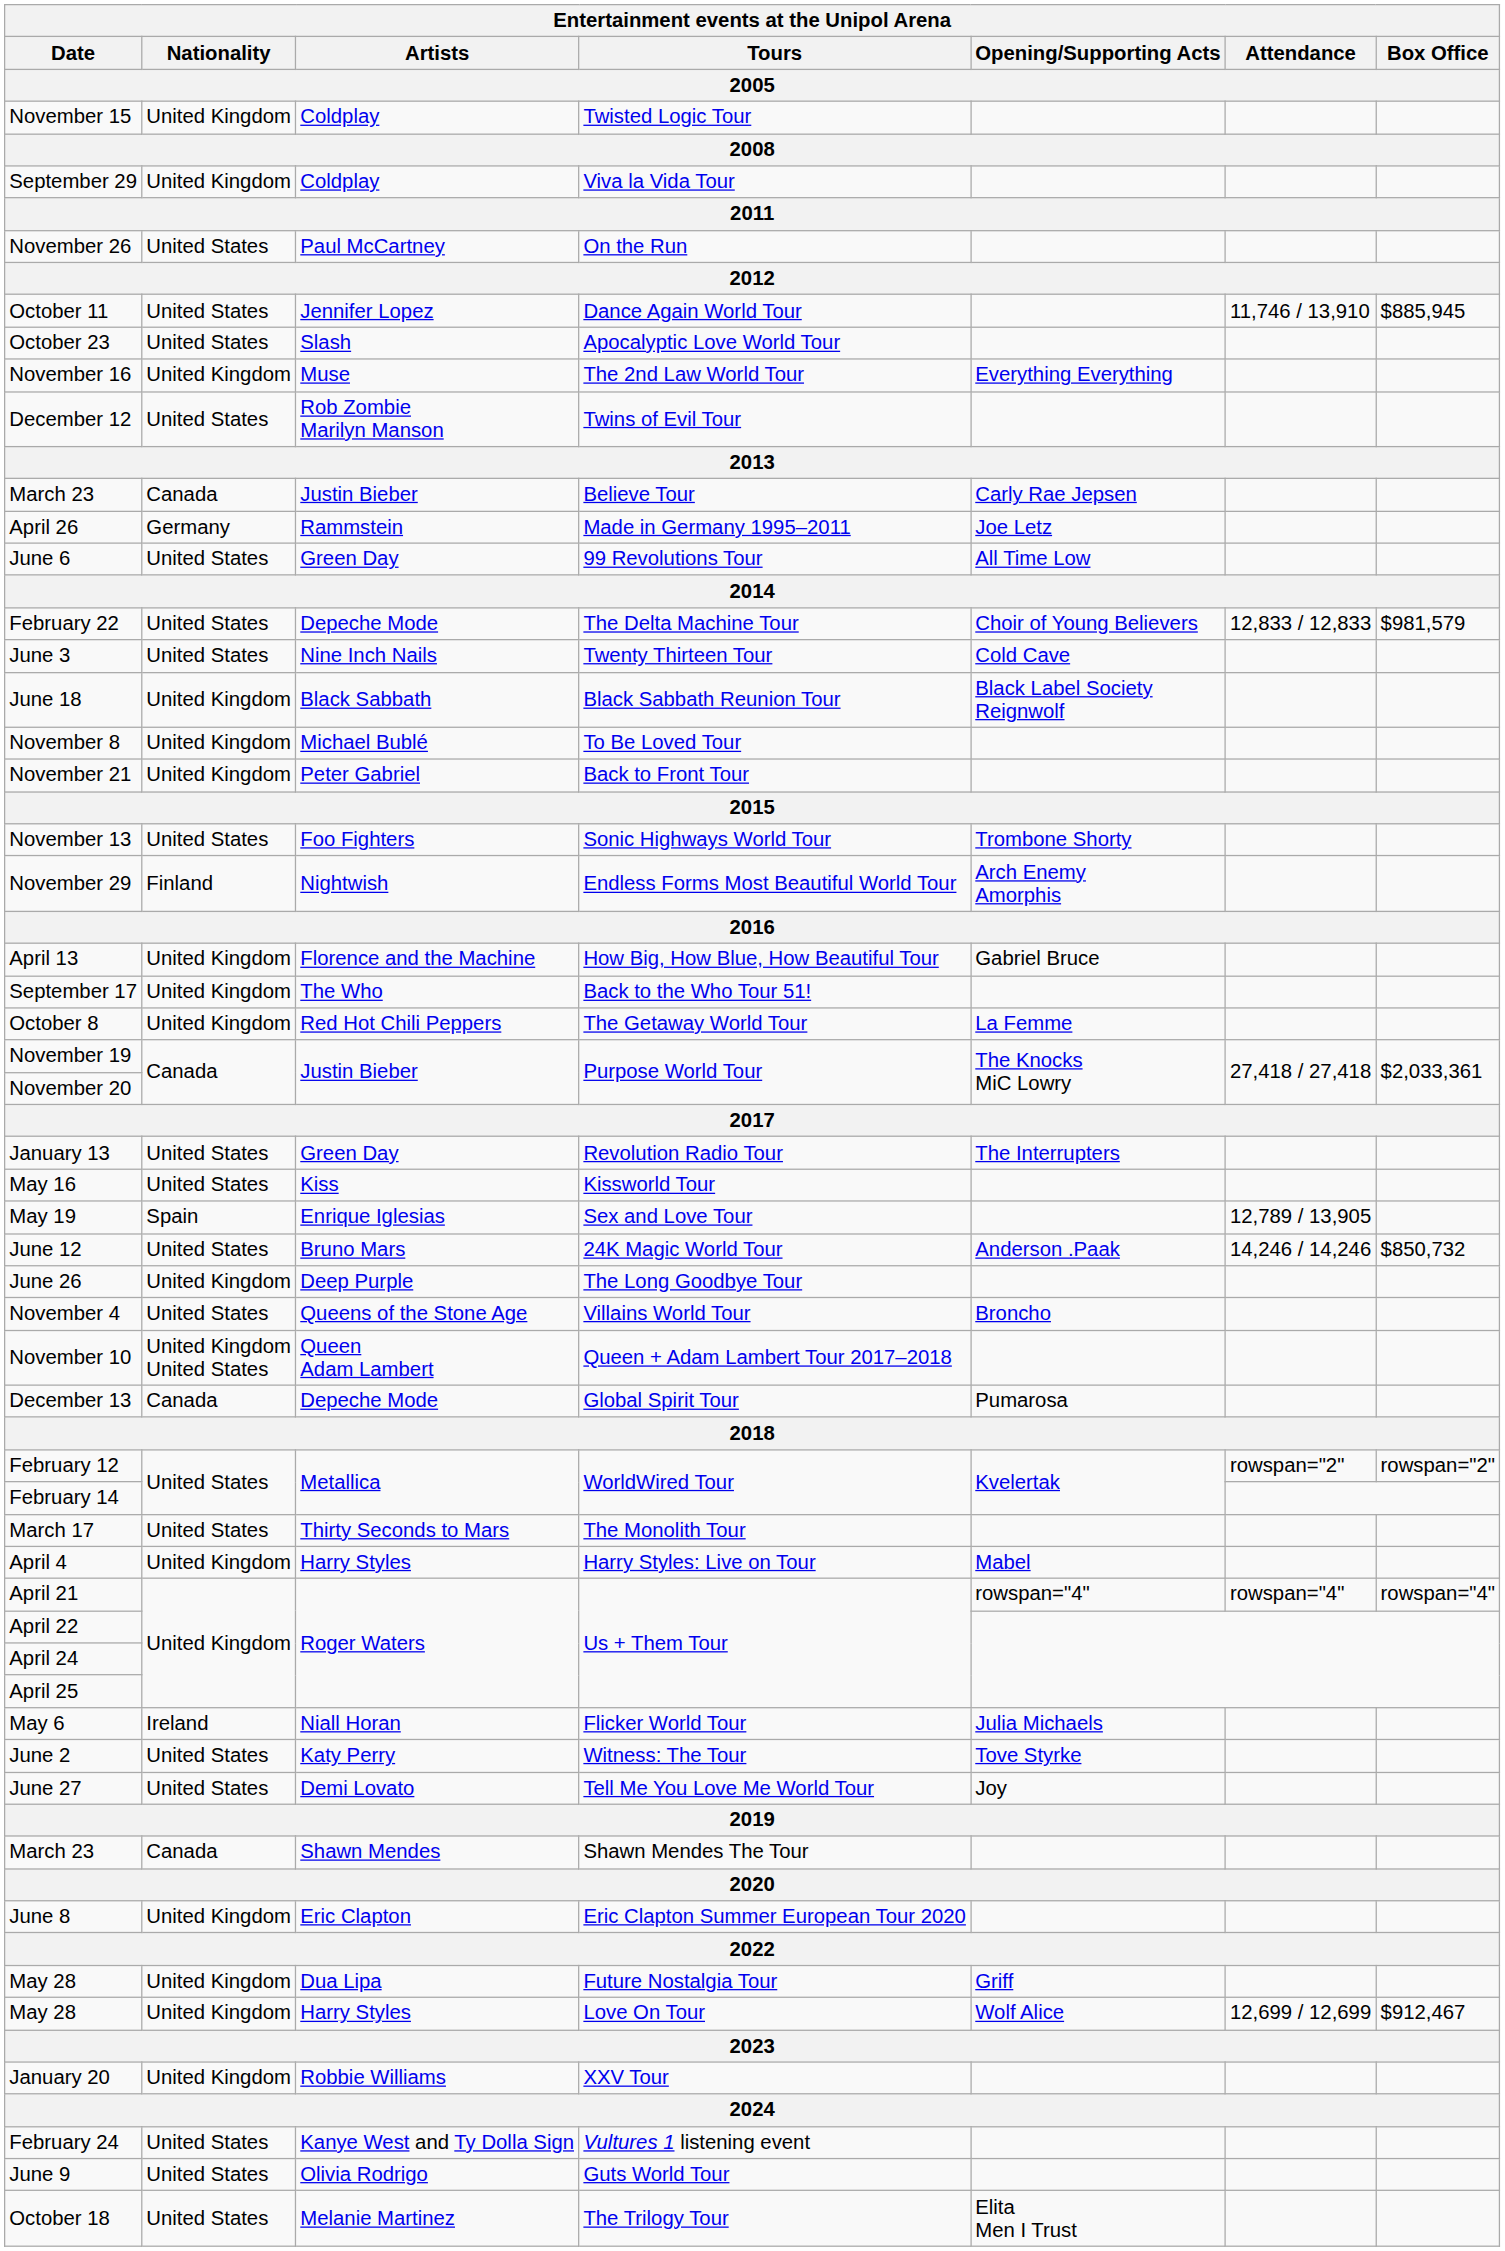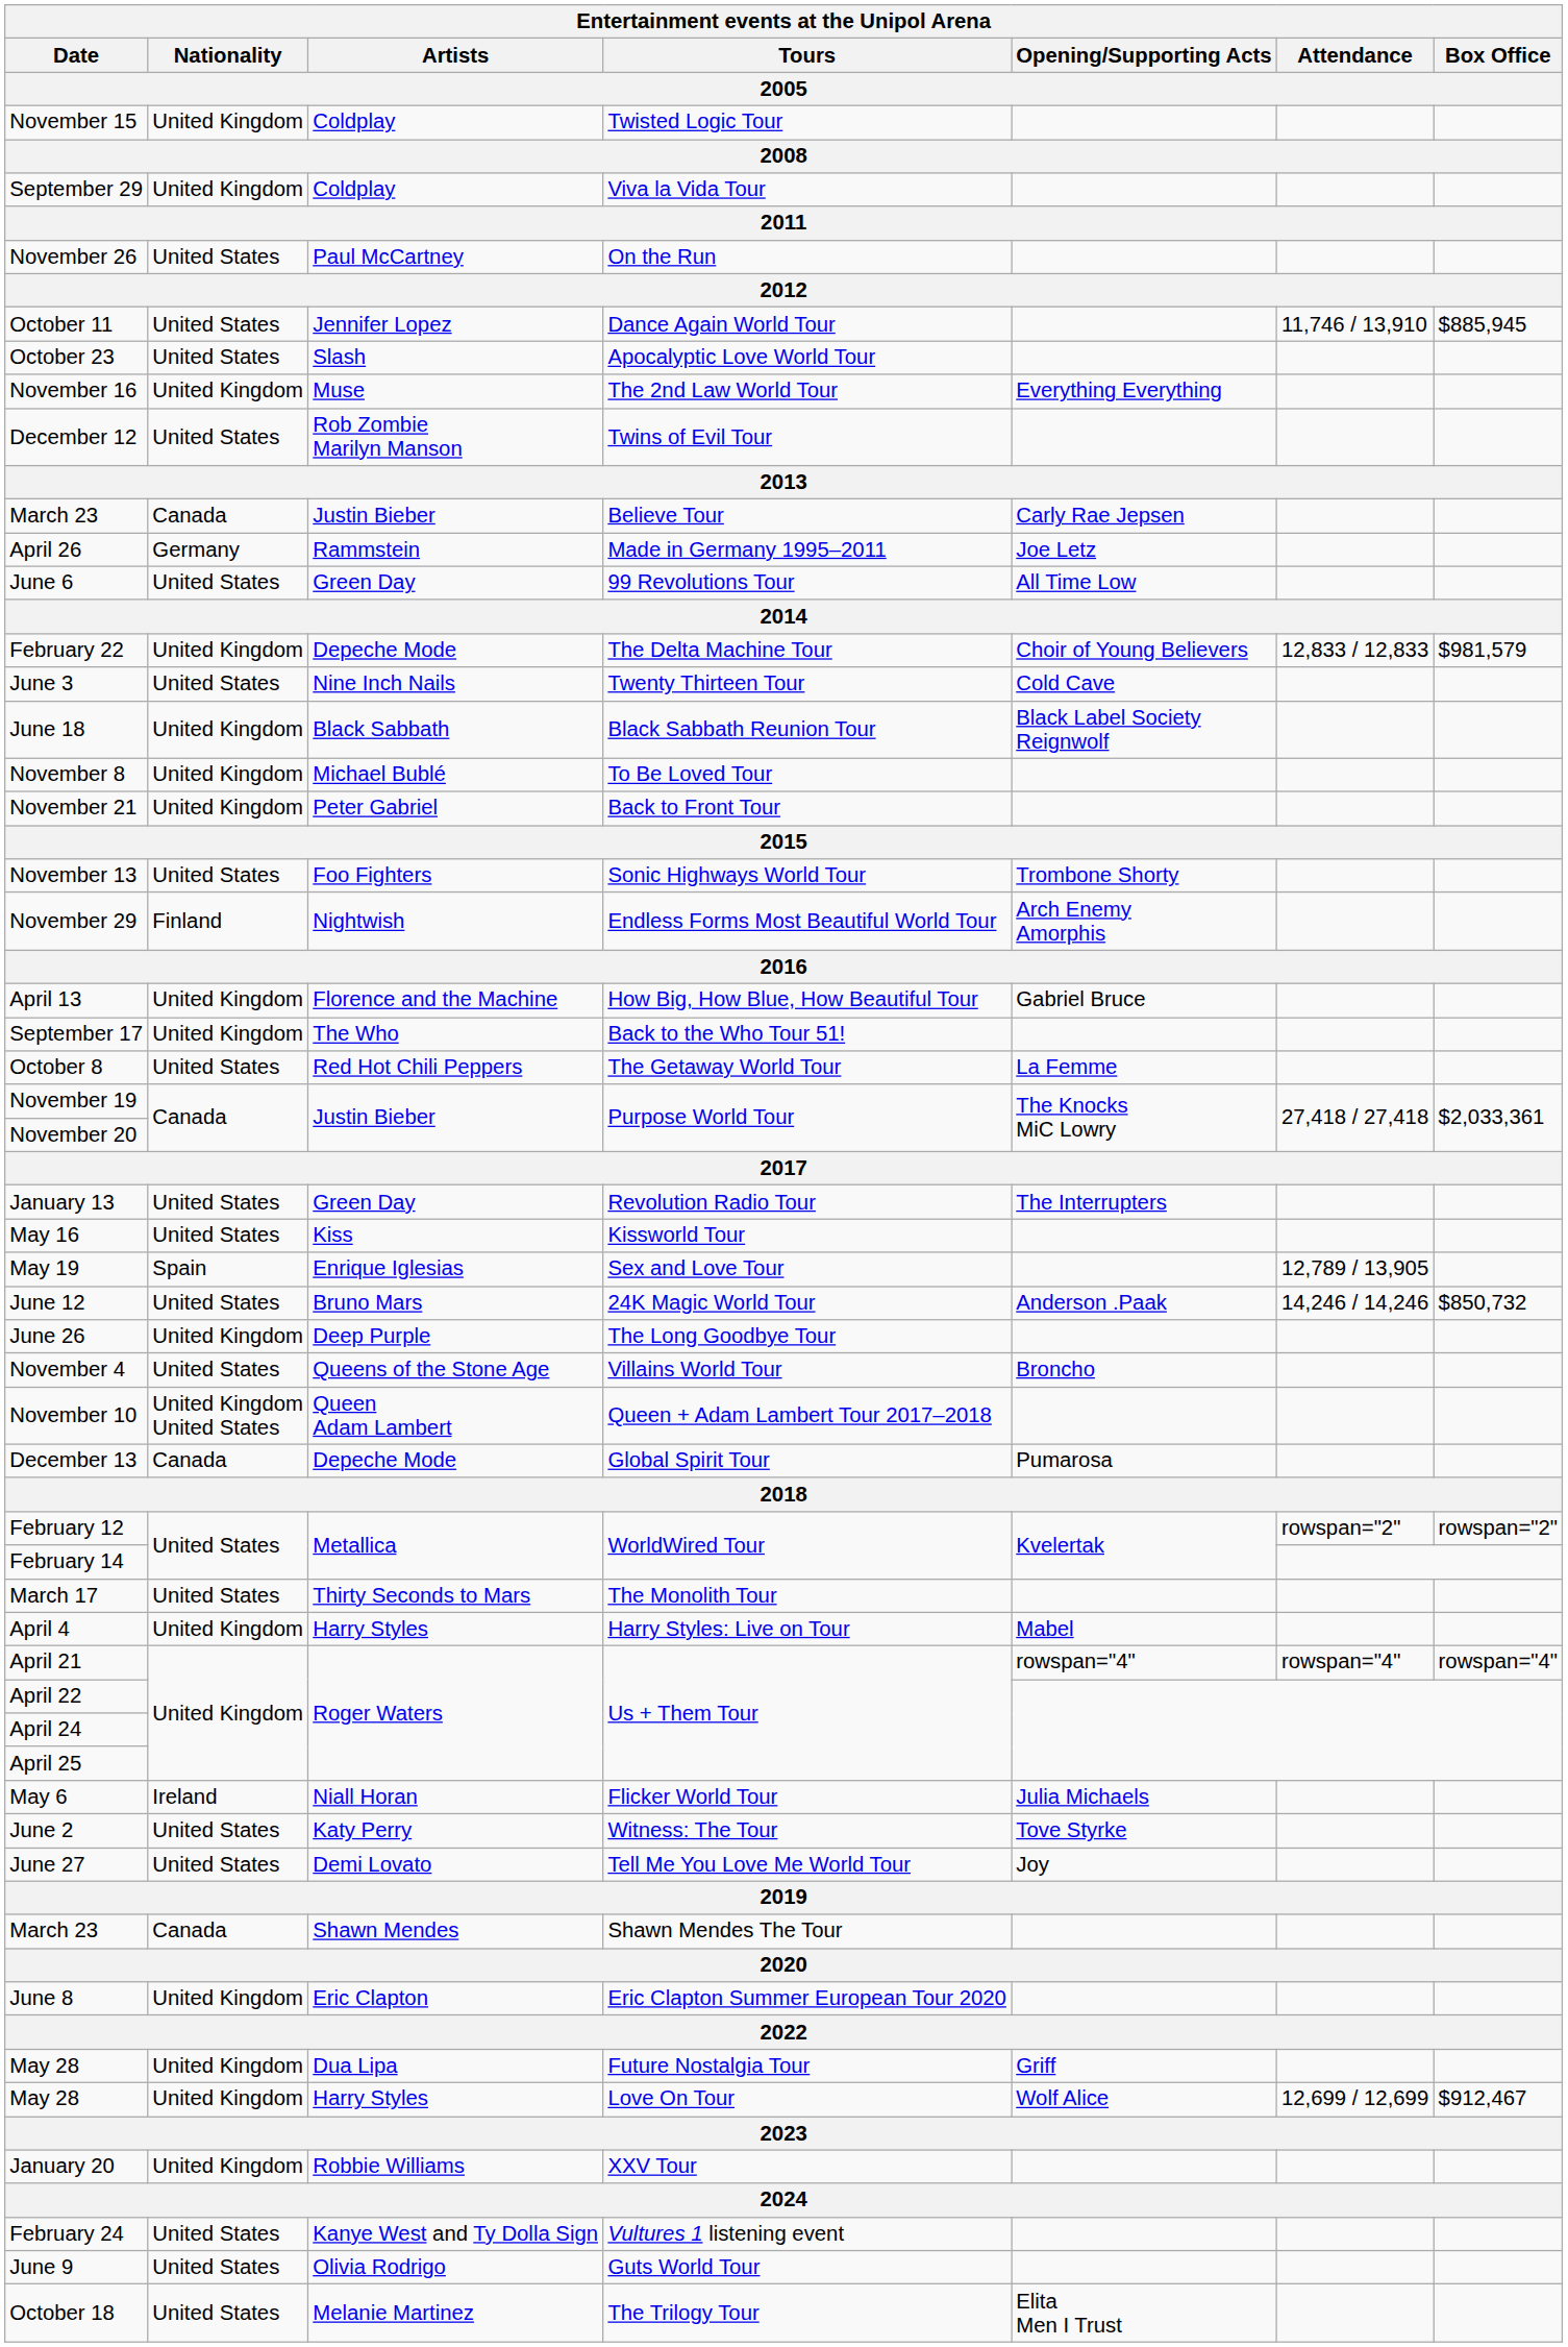 <table class="wikitable collapsible collapsed">
 <tr>
 <th colspan="7">Entertainment events at the Unipol Arena</th>
 </tr>
 <tr>
 <th>Date</th>
 <th>Nationality</th>
 <th>Artists</th>
 <th>Tours</th>
 <th>Opening/Supporting Acts</th>
 <th>Attendance</th>
 <th>Box Office</th>
 </tr>
 <tr>
 <th colspan="7">2005</th>
 </tr>
 <tr>
 <td>November 15</td>
 <td>United Kingdom</td>
 <td><a href='#'>Coldplay</a></td>
 <td><a href='#'>Twisted Logic Tour</a></td>
 <td></td>
 <td></td>
 <td></td>
 </tr>
 <tr>
 <th colspan="7">2008</th>
 </tr>
 <tr>
 <td>September 29</td>
 <td>United Kingdom</td>
 <td><a href='#'>Coldplay</a></td>
 <td><a href='#'>Viva la Vida Tour</a></td>
 <td></td>
 <td></td>
 <td></td>
 </tr>
 <tr>
 <th colspan="7">2011</th>
 </tr>
 <tr>
 <td>November 26</td>
 <td>United States</td>
 <td><a href='#'>Paul McCartney</a></td>
 <td><a href='#'>On the Run</a></td>
 <td></td>
 <td></td>
 <td></td>
 </tr>
 <tr>
 <th colspan="7">2012</th>
 </tr>
 <tr>
 <td>October 11</td>
 <td>United States</td>
 <td><a href='#'>Jennifer Lopez</a></td>
 <td><a href='#'>Dance Again World Tour</a></td>
 <td></td>
 <td>11,746 / 13,910</td>
 <td>$885,945</td>
 </tr>
 <tr>
 <td>October 23</td>
 <td>United States</td>
 <td><a href='#'>Slash</a></td>
 <td><a href='#'>Apocalyptic Love World Tour</a></td>
 <td></td>
 <td></td>
 <td></td>
 </tr>
 <tr>
 <td>November 16</td>
 <td>United Kingdom</td>
 <td><a href='#'>Muse</a></td>
 <td><a href='#'>The 2nd Law World Tour</a></td>
 <td><a href='#'>Everything Everything</a></td>
 <td></td>
 <td></td>
 </tr>
 <tr>
 <td>December 12</td>
 <td>United States</td>
 <td><a href='#'>Rob Zombie</a><br><a href='#'>Marilyn Manson</a></td>
 <td><a href='#'>Twins of Evil Tour</a></td>
 <td></td>
 <td></td>
 <td></td>
 </tr>
 <tr>
 <th colspan="7">2013</th>
 </tr>
 <tr>
 <td>March 23</td>
 <td>Canada</td>
 <td><a href='#'>Justin Bieber</a></td>
 <td><a href='#'>Believe Tour</a></td>
 <td><a href='#'>Carly Rae Jepsen</a></td>
 <td></td>
 <td></td>
 </tr>
 <tr>
 <td>April 26</td>
 <td>Germany</td>
 <td><a href='#'>Rammstein</a></td>
 <td><a href='#'>Made in Germany 1995–2011</a></td>
 <td><a href='#'>Joe Letz</a></td>
 <td></td>
 <td></td>
 </tr>
 <tr>
 <td>June 6</td>
 <td>United States</td>
 <td><a href='#'>Green Day</a></td>
 <td><a href='#'>99 Revolutions Tour</a></td>
 <td><a href='#'>All Time Low</a></td>
 <td></td>
 <td></td>
 </tr>
 <tr>
 <th colspan="7">2014</th>
 </tr>
 <tr>
 <td>February 22</td>
-<td>United States</td>
+<td>United Kingdom</td>
 <td><a href='#'>Depeche Mode</a></td>
 <td><a href='#'>The Delta Machine Tour</a></td>
 <td><a href='#'>Choir of Young Believers</a></td>
 <td>12,833 / 12,833</td>
 <td>$981,579</td>
 </tr>
 <tr>
 <td>June 3</td>
 <td>United States</td>
 <td><a href='#'>Nine Inch Nails</a></td>
 <td><a href='#'>Twenty Thirteen Tour</a></td>
 <td><a href='#'>Cold Cave</a></td>
 <td></td>
 <td></td>
 </tr>
 <tr>
 <td>June 18</td>
 <td>United Kingdom</td>
 <td><a href='#'>Black Sabbath</a></td>
 <td><a href='#'>Black Sabbath Reunion Tour</a></td>
 <td><a href='#'>Black Label Society</a><br><a href='#'>Reignwolf</a></td>
 <td></td>
 <td></td>
 </tr>
 <tr>
 <td>November 8</td>
 <td>United Kingdom</td>
 <td><a href='#'>Michael Bublé</a></td>
 <td><a href='#'>To Be Loved Tour</a></td>
 <td></td>
 <td></td>
 <td></td>
 </tr>
 <tr>
 <td>November 21</td>
 <td>United Kingdom</td>
 <td><a href='#'>Peter Gabriel</a></td>
 <td><a href='#'>Back to Front Tour</a></td>
 <td></td>
 <td></td>
 <td></td>
 </tr>
 <tr>
 <th colspan="7">2015</th>
 </tr>
 <tr>
 <td>November 13</td>
 <td>United States</td>
 <td><a href='#'>Foo Fighters</a></td>
 <td><a href='#'>Sonic Highways World Tour</a></td>
 <td><a href='#'>Trombone Shorty</a></td>
 <td></td>
 <td></td>
 </tr>
 <tr>
 <td>November 29</td>
 <td>Finland</td>
 <td><a href='#'>Nightwish</a></td>
 <td><a href='#'>Endless Forms Most Beautiful World Tour</a></td>
 <td><a href='#'>Arch Enemy</a><br><a href='#'>Amorphis</a></td>
 <td></td>
 <td></td>
 </tr>
 <tr>
 <th colspan="7">2016</th>
 </tr>
 <tr>
 <td>April 13</td>
 <td>United Kingdom</td>
 <td><a href='#'>Florence and the Machine</a></td>
 <td><a href='#'>How Big, How Blue, How Beautiful Tour</a></td>
 <td>Gabriel Bruce</td>
 <td></td>
 <td></td>
 </tr>
 <tr>
 <td>September 17</td>
 <td>United Kingdom</td>
 <td><a href='#'>The Who</a></td>
 <td><a href='#'>Back to the Who Tour 51!</a></td>
 <td></td>
 <td></td>
 <td></td>
 </tr>
 <tr>
 <td>October 8</td>
-<td>United Kingdom</td>
+<td>United States</td>
 <td><a href='#'>Red Hot Chili Peppers</a></td>
 <td><a href='#'>The Getaway World Tour</a></td>
 <td><a href='#'>La Femme</a></td>
 <td></td>
 <td></td>
 </tr>
 <tr>
 <td>November 19</td>
 <td rowspan="2">Canada</td>
 <td rowspan="2"><a href='#'>Justin Bieber</a></td>
 <td rowspan="2"><a href='#'>Purpose World Tour</a></td>
 <td rowspan="2"><a href='#'>The Knocks</a><br>MiC Lowry</td>
 <td rowspan="2">27,418 / 27,418</td>
 <td rowspan="2">$2,033,361</td>
 </tr>
 <tr>
 <td>November 20</td>
 </tr>
 <tr>
 <th colspan="7">2017</th>
 </tr>
 <tr>
 <td>January 13</td>
 <td>United States</td>
 <td><a href='#'>Green Day</a></td>
 <td><a href='#'>Revolution Radio Tour</a></td>
 <td><a href='#'>The Interrupters</a></td>
 <td></td>
 <td></td>
 </tr>
 <tr>
 <td>May 16</td>
 <td>United States</td>
 <td><a href='#'>Kiss</a></td>
 <td><a href='#'>Kissworld Tour</a></td>
 <td></td>
 <td></td>
 <td></td>
 </tr>
 <tr>
 <td>May 19</td>
 <td>Spain</td>
 <td><a href='#'>Enrique Iglesias</a></td>
 <td><a href='#'>Sex and Love Tour</a></td>
 <td></td>
 <td>12,789 / 13,905</td>
 <td></td>
 </tr>
 <tr>
 <td>June 12</td>
 <td>United States</td>
 <td><a href='#'>Bruno Mars</a></td>
 <td><a href='#'>24K Magic World Tour</a></td>
 <td><a href='#'>Anderson .Paak</a></td>
 <td>14,246 / 14,246</td>
 <td>$850,732</td>
 </tr>
 <tr>
 <td>June 26</td>
 <td>United Kingdom</td>
 <td><a href='#'>Deep Purple</a></td>
 <td><a href='#'>The Long Goodbye Tour</a></td>
 <td></td>
 <td></td>
 <td></td>
 </tr>
 <tr>
 <td>November 4</td>
 <td>United States</td>
 <td><a href='#'>Queens of the Stone Age</a></td>
 <td><a href='#'>Villains World Tour</a></td>
 <td><a href='#'>Broncho</a></td>
 <td></td>
 <td></td>
 </tr>
 <tr>
 <td>November 10</td>
 <td>United Kingdom<br>United States</td>
 <td><a href='#'>Queen</a><br><a href='#'>Adam Lambert</a></td>
 <td><a href='#'>Queen + Adam Lambert Tour 2017–2018</a></td>
 <td></td>
 <td></td>
 <td></td>
 </tr>
 <tr>
 <td>December 13</td>
 <td>Canada</td>
 <td><a href='#'>Depeche Mode</a></td>
 <td><a href='#'>Global Spirit Tour</a></td>
 <td>Pumarosa</td>
 <td></td>
 <td></td>
 </tr>
 <tr>
 <th colspan="7">2018</th>
 </tr>
 <tr>
 <td>February 12</td>
 <td rowspan="2">United States</td>
 <td rowspan="2"><a href='#'>Metallica</a></td>
 <td rowspan="2"><a href='#'>WorldWired Tour</a></td>
 <td rowspan="2"><a href='#'>Kvelertak</a></td>
 <td>rowspan="2" </td>
 <td>rowspan="2" </td>
 </tr>
 <tr>
 <td>February 14</td>
 </tr>
 <tr>
 <td>March 17</td>
 <td>United States</td>
 <td><a href='#'>Thirty Seconds to Mars</a></td>
 <td><a href='#'>The Monolith Tour</a></td>
 <td></td>
 <td></td>
 <td></td>
 </tr>
 <tr>
 <td>April 4</td>
 <td>United Kingdom</td>
 <td><a href='#'>Harry Styles</a></td>
 <td><a href='#'>Harry Styles: Live on Tour</a></td>
 <td><a href='#'>Mabel</a></td>
 <td></td>
 <td></td>
 </tr>
 <tr>
 <td>April 21</td>
 <td rowspan="4">United Kingdom</td>
 <td rowspan="4"><a href='#'>Roger Waters</a></td>
 <td rowspan="4"><a href='#'>Us + Them Tour</a></td>
 <td>rowspan="4" </td>
 <td>rowspan="4" </td>
 <td>rowspan="4" </td>
 </tr>
 <tr>
 <td>April 22</td>
 </tr>
 <tr>
 <td>April 24</td>
 </tr>
 <tr>
 <td>April 25</td>
 </tr>
 <tr>
 <td>May 6</td>
 <td>Ireland</td>
 <td><a href='#'>Niall Horan</a></td>
 <td><a href='#'>Flicker World Tour</a></td>
 <td><a href='#'>Julia Michaels</a></td>
 <td></td>
 <td></td>
 </tr>
 <tr>
 <td>June 2</td>
 <td>United States</td>
 <td><a href='#'>Katy Perry</a></td>
 <td><a href='#'>Witness: The Tour</a></td>
 <td><a href='#'>Tove Styrke</a></td>
 <td></td>
 <td></td>
 </tr>
 <tr>
 <td>June 27</td>
 <td>United States</td>
 <td><a href='#'>Demi Lovato</a></td>
 <td><a href='#'>Tell Me You Love Me World Tour</a></td>
 <td>Joy</td>
 <td></td>
 <td></td>
 </tr>
 <tr>
 <th colspan="7">2019</th>
 </tr>
 <tr>
 <td>March 23</td>
 <td>Canada</td>
 <td><a href='#'>Shawn Mendes</a></td>
 <td>Shawn Mendes The Tour</td>
 <td></td>
 <td></td>
 <td></td>
 </tr>
 <tr>
 <th colspan="7">2020</th>
 </tr>
 <tr>
 <td>June 8</td>
 <td>United Kingdom</td>
 <td><a href='#'>Eric Clapton</a></td>
 <td><a href='#'>Eric Clapton Summer European Tour 2020</a></td>
 <td></td>
 <td></td>
 <td></td>
 </tr>
 <tr>
 <th colspan="16">2022</th>
 </tr>
 <tr>
 <td>May 28</td>
 <td>United Kingdom</td>
 <td><a href='#'>Dua Lipa</a></td>
 <td><a href='#'>Future Nostalgia Tour</a></td>
 <td><a href='#'>Griff</a></td>
 <td></td>
 <td></td>
 </tr>
 <tr>
 <td>May 28</td>
 <td>United Kingdom</td>
 <td><a href='#'>Harry Styles</a></td>
 <td><a href='#'>Love On Tour</a></td>
 <td><a href='#'>Wolf Alice</a></td>
 <td>12,699 / 12,699</td>
 <td>$912,467</td>
 </tr>
 <tr>
 <th colspan="9">2023</th>
 </tr>
 <tr>
 <td>January 20</td>
 <td>United Kingdom</td>
 <td><a href='#'>Robbie Williams</a></td>
 <td><a href='#'>XXV Tour</a></td>
 <td></td>
 <td></td>
 <td></td>
 </tr>
 <tr>
 <th colspan="9">2024</th>
 </tr>
 <tr>
 <td>February 24</td>
 <td>United States</td>
 <td><a href='#'>Kanye West</a> and <a href='#'>Ty Dolla Sign</a></td>
 <td><em><a href='#'>Vultures 1</a></em> listening event</td>
 <td></td>
 <td></td>
 <td></td>
 </tr>
 <tr>
 <td>June 9</td>
 <td>United States</td>
 <td><a href='#'>Olivia Rodrigo</a></td>
 <td><a href='#'>Guts World Tour</a></td>
 <td></td>
 <td></td>
 <td></td>
 </tr>
 <tr>
 <td>October 18</td>
 <td>United States</td>
 <td><a href='#'>Melanie Martinez</a></td>
 <td><a href='#'>The Trilogy Tour</a></td>
 <td>Elita<br>Men I Trust</td>
 <td></td>
 <td></td>
 </tr>
 </table>
